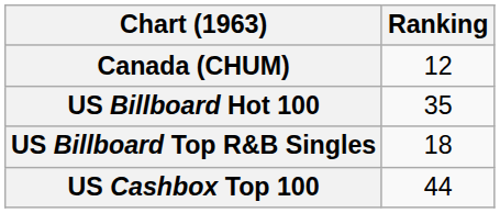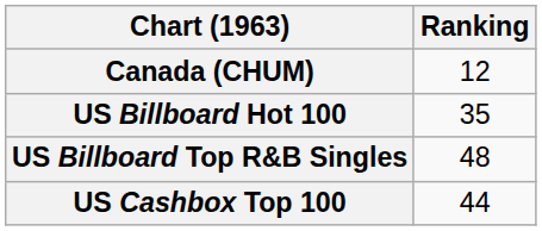 <table class="wikitable plainrowheaders" style="text-align:center;">
 <tr>
 <th>Chart (1963)</th>
 <th>Ranking</th>
 </tr>
 <tr>
 <th scope="row">Canada (CHUM)</th>
 <td>12</td>
 </tr>
 <tr>
 <th scope="row">US <em>Billboard</em> Hot 100</th>
 <td>35</td>
 </tr>
 <tr>
 <th scope="row">US <em>Billboard</em> Top R&B Singles</th>
-<td>18</td>
+<td>48</td>
 </tr>
 <tr>
 <th scope="row">US <em>Cashbox</em> Top 100</th>
 <td>44</td>
 </tr>
 </table>
